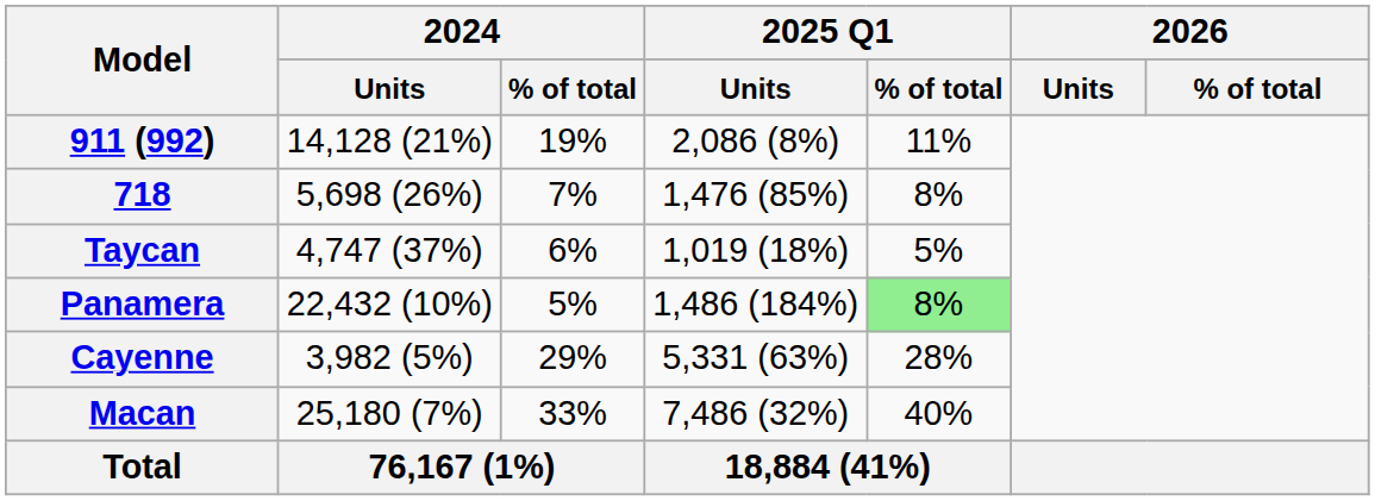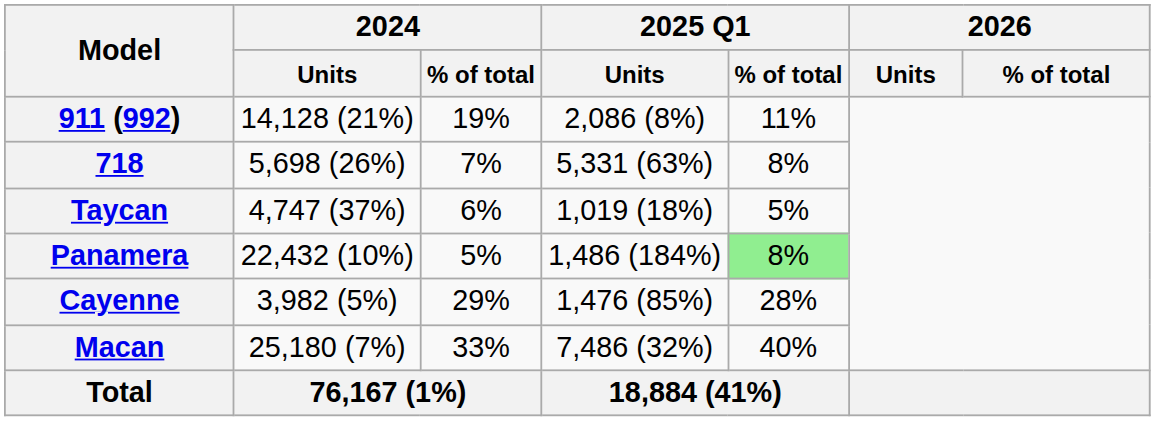 <table class="wikitable" style="text-align:center; text-size:94%;">
 <tr>
 <th rowspan="2" style="width:120px;">Model</th>
 <th colspan="2" style="width:160px;">2024</th>
 <th colspan="2" style="width:160px;">2025 Q1</th>
 <th colspan="2" style="width:160px;">2026</th>
 </tr>
 <tr>
 <th><small>Units</small></th>
 <th><small>% of total</small></th>
 <th><small>Units</small></th>
 <th><small>% of total</small></th>
 <th><small>Units</small></th>
 <th><small>% of total</small></th>
 </tr>
 <tr>
 <th><a href='#'>911</a> (<a href='#'>992</a>)</th>
 <td>14,128 (21%)</td>
 <td>19%</td>
 <td>2,086 (8%)</td>
 <td>11%</td>
 </tr>
 <tr>
 <th><a href='#'>718</a></th>
 <td>5,698 (26%)</td>
 <td>7%</td>
-<td>1,476 (85%)</td>
+<td>5,331 (63%)</td>
 <td>8%</td>
 </tr>
 <tr>
 <th><a href='#'>Taycan</a></th>
 <td>4,747	(37%)</td>
 <td>6%</td>
 <td>1,019 (18%)</td>
 <td>5%</td>
 </tr>
 <tr>
 <th><a href='#'>Panamera</a></th>
 <td>22,432 (10%)</td>
 <td>5%</td>
 <td>1,486 (184%)</td>
 <td style="background: lightgreen;">8%</td>
 </tr>
 <tr>
 <th><a href='#'>Cayenne</a></th>
 <td>3,982 (5%)</td>
 <td>29%</td>
-<td>5,331 (63%)</td>
+<td>1,476 (85%)</td>
 <td>28%</td>
 </tr>
 <tr>
 <th><a href='#'>Macan</a></th>
 <td>25,180 (7%)</td>
 <td>33%</td>
 <td>7,486 (32%)</td>
 <td>40%</td>
 </tr>
 <tr style="background:WhiteSmoke;">
 <th>Total</th>
 <th colspan=2>76,167 (1%)</th>
 <th colspan=2>18,884 (41%)</th>
 <th colspan=2></th>
 </tr>
 </table>
